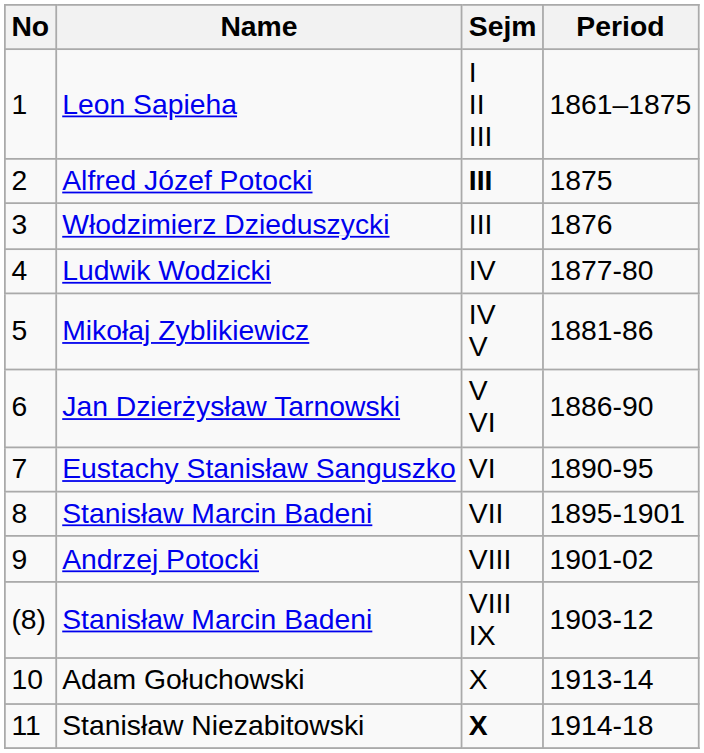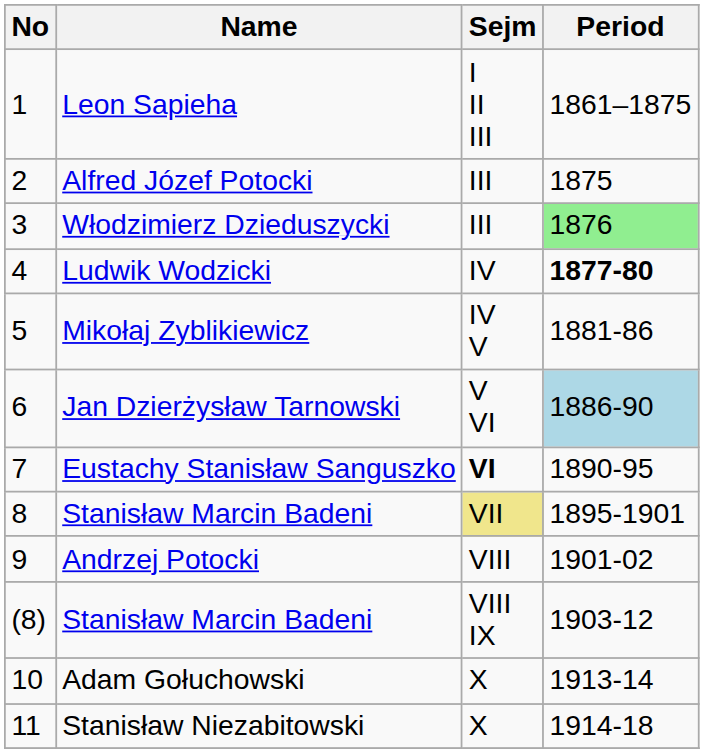 <table class="wikitable">
 <tr>
 <th>No</th>
 <th>Name</th>
 <th>Sejm</th>
 <th>Period</th>
 </tr>
 <tr>
 <td>1</td>
 <td><a href='#'>Leon Sapieha</a></td>
 <td>I<br>II<br>III</td>
 <td>1861–1875</td>
 </tr>
 <tr>
 <td>2</td>
 <td><a href='#'>Alfred Józef Potocki</a></td>
-<td><strong>III</strong></td>
+<td>III</td>
 <td>1875</td>
 </tr>
 <tr>
 <td>3</td>
 <td><a href='#'>Włodzimierz Dzieduszycki</a></td>
 <td>III</td>
-<td>1876</td>
+<td style="background: lightgreen;">1876</td>
 </tr>
 <tr>
 <td>4</td>
 <td><a href='#'>Ludwik Wodzicki</a></td>
 <td>IV</td>
-<td>1877-80</td>
+<td><strong>1877-80</strong></td>
 </tr>
 <tr>
 <td>5</td>
 <td><a href='#'>Mikołaj Zyblikiewicz</a></td>
 <td>IV<br>V</td>
 <td>1881-86</td>
 </tr>
 <tr>
 <td>6</td>
 <td><a href='#'>Jan Dzierżysław Tarnowski</a></td>
 <td>V<br>VI</td>
-<td>1886-90</td>
+<td style="background: lightblue;">1886-90</td>
 </tr>
 <tr>
 <td>7</td>
 <td><a href='#'>Eustachy Stanisław Sanguszko</a></td>
-<td>VI</td>
+<td><strong>VI</strong></td>
 <td>1890-95</td>
 </tr>
 <tr>
 <td>8</td>
 <td><a href='#'>Stanisław Marcin Badeni</a></td>
-<td>VII</td>
+<td style="background: khaki;">VII</td>
 <td>1895-1901</td>
 </tr>
 <tr>
 <td>9</td>
 <td><a href='#'>Andrzej Potocki</a></td>
 <td>VIII</td>
 <td>1901-02</td>
 </tr>
 <tr>
 <td>(8)</td>
 <td><a href='#'>Stanisław Marcin Badeni</a></td>
 <td>VIII<br>IX</td>
 <td>1903-12</td>
 </tr>
 <tr>
 <td>10</td>
 <td>Adam Gołuchowski</td>
 <td>X</td>
 <td>1913-14</td>
 </tr>
 <tr>
 <td>11</td>
 <td>Stanisław Niezabitowski</td>
-<td><strong>X</strong></td>
+<td>X</td>
 <td>1914-18</td>
 </tr>
 <tr>
 </tr>
 </table>
